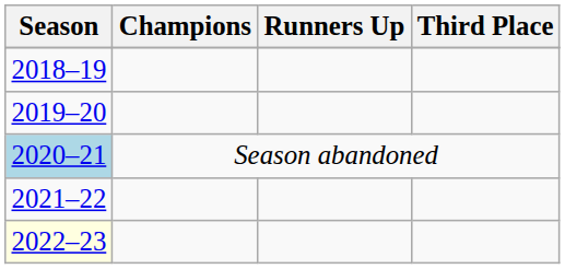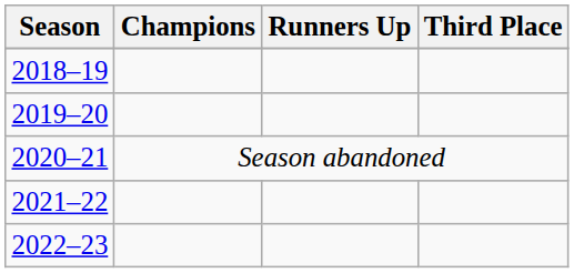 <table class="wikitable">
 <tr>
 <th>Season</th>
 <th>Champions</th>
 <th>Runners Up</th>
 <th>Third Place</th>
 </tr>
 <tr>
 </tr>
 <tr>
 <td><a href='#'>2018–19</a></td>
 <td></td>
 <td></td>
 <td></td>
 </tr>
 <tr>
 <td><a href='#'>2019–20</a></td>
 <td></td>
 <td></td>
 <td></td>
 </tr>
 <tr>
-<td style="background: lightblue;"><a href='#'>2020–21</a></td>
+<td><a href='#'>2020–21</a></td>
 <td colspan=3 align="center"><em>Season abandoned</em></td>
 </tr>
 <tr>
 <td><a href='#'>2021–22</a></td>
 <td></td>
 <td></td>
 <td></td>
 </tr>
 <tr>
-<td style="background: lightyellow;"><a href='#'>2022–23</a></td>
+<td><a href='#'>2022–23</a></td>
 <td></td>
 <td></td>
 <td></td>
 </tr>
 </table>
